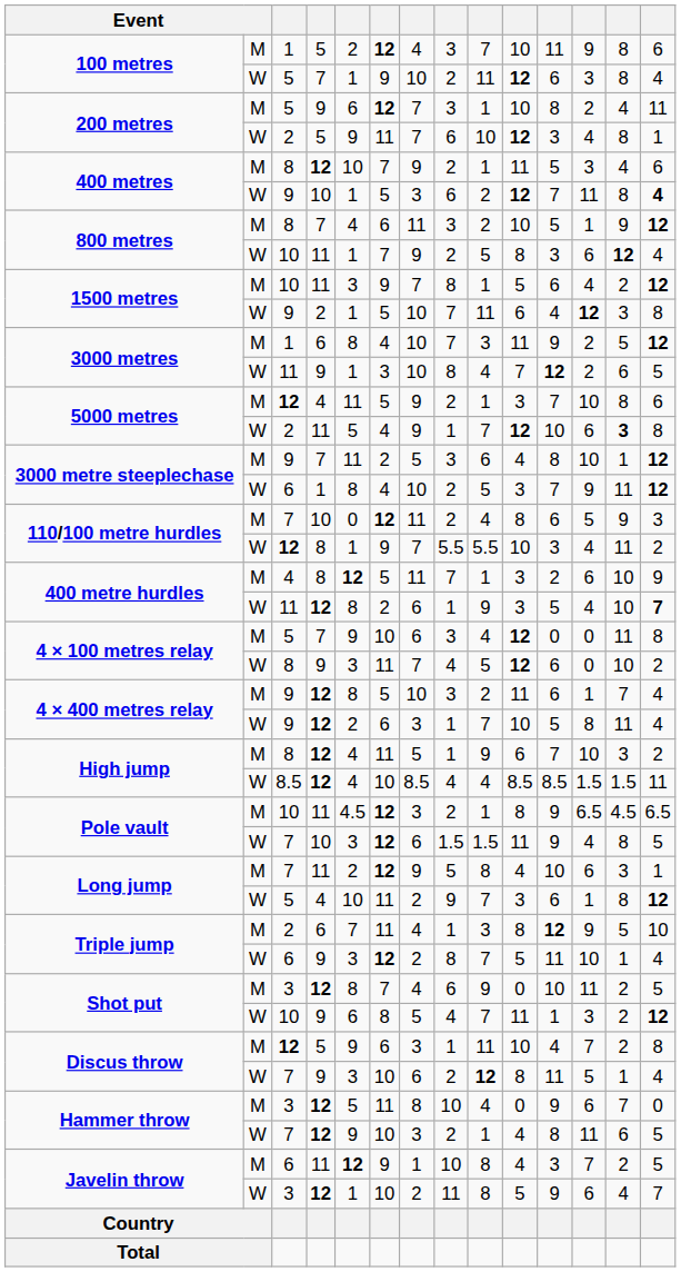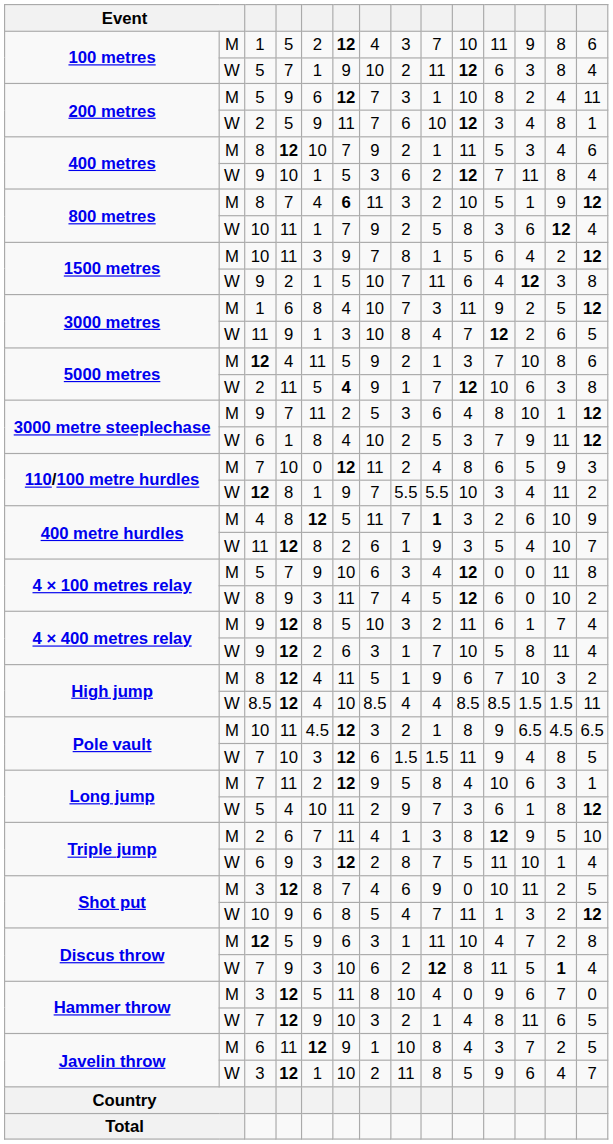 <table class="wikitable" style="background-color: #f9f9f9; font-size: 90%; text-align: center">
 <tr>
 <th width=200 colspan=2>Event</th>
 <th></th>
 <th></th>
 <th></th>
 <th></th>
 <th></th>
 <th></th>
 <th></th>
 <th></th>
 <th></th>
 <th></th>
 <th></th>
 <th></th>
 </tr>
 <tr>
 <td rowspan=2><strong><a href='#'>100 metres</a></strong></td>
 <td>M</td>
 <td>1</td>
 <td>5</td>
 <td>2</td>
 <td><strong>12</strong></td>
 <td>4</td>
 <td>3</td>
 <td>7</td>
 <td>10</td>
 <td>11</td>
 <td>9</td>
 <td>8</td>
 <td>6</td>
 </tr>
 <tr>
 <td>W</td>
 <td>5</td>
 <td>7</td>
 <td>1</td>
 <td>9</td>
 <td>10</td>
 <td>2</td>
 <td>11</td>
 <td><strong>12</strong></td>
 <td>6</td>
 <td>3</td>
 <td>8</td>
 <td>4</td>
 </tr>
 <tr>
 <td rowspan=2><strong><a href='#'>200 metres</a></strong></td>
 <td>M</td>
 <td>5</td>
 <td>9</td>
 <td>6</td>
 <td><strong>12</strong></td>
 <td>7</td>
 <td>3</td>
 <td>1</td>
 <td>10</td>
 <td>8</td>
 <td>2</td>
 <td>4</td>
 <td>11</td>
 </tr>
 <tr>
 <td>W</td>
 <td>2</td>
 <td>5</td>
 <td>9</td>
 <td>11</td>
 <td>7</td>
 <td>6</td>
 <td>10</td>
 <td><strong>12</strong></td>
 <td>3</td>
 <td>4</td>
 <td>8</td>
 <td>1</td>
 </tr>
 <tr>
 <td rowspan=2><strong><a href='#'>400 metres</a></strong></td>
 <td>M</td>
 <td>8</td>
 <td><strong>12</strong></td>
 <td>10</td>
 <td>7</td>
 <td>9</td>
 <td>2</td>
 <td>1</td>
 <td>11</td>
 <td>5</td>
 <td>3</td>
 <td>4</td>
 <td>6</td>
 </tr>
 <tr>
 <td>W</td>
 <td>9</td>
 <td>10</td>
 <td>1</td>
 <td>5</td>
 <td>3</td>
 <td>6</td>
 <td>2</td>
 <td><strong>12</strong></td>
 <td>7</td>
 <td>11</td>
 <td>8</td>
-<td><strong>4</strong></td>
+<td>4</td>
 </tr>
 <tr>
 <td rowspan=2><strong><a href='#'>800 metres</a></strong></td>
 <td>M</td>
 <td>8</td>
 <td>7</td>
 <td>4</td>
-<td>6</td>
+<td><strong>6</strong></td>
 <td>11</td>
 <td>3</td>
 <td>2</td>
 <td>10</td>
 <td>5</td>
 <td>1</td>
 <td>9</td>
 <td><strong>12</strong></td>
 </tr>
 <tr>
 <td>W</td>
 <td>10</td>
 <td>11</td>
 <td>1</td>
 <td>7</td>
 <td>9</td>
 <td>2</td>
 <td>5</td>
 <td>8</td>
 <td>3</td>
 <td>6</td>
 <td><strong>12</strong></td>
 <td>4</td>
 </tr>
 <tr>
 <td rowspan=2><strong><a href='#'>1500 metres</a></strong></td>
 <td>M</td>
 <td>10</td>
 <td>11</td>
 <td>3</td>
 <td>9</td>
 <td>7</td>
 <td>8</td>
 <td>1</td>
 <td>5</td>
 <td>6</td>
 <td>4</td>
 <td>2</td>
 <td><strong>12</strong></td>
 </tr>
 <tr>
 <td>W</td>
 <td>9</td>
 <td>2</td>
 <td>1</td>
 <td>5</td>
 <td>10</td>
 <td>7</td>
 <td>11</td>
 <td>6</td>
 <td>4</td>
 <td><strong>12</strong></td>
 <td>3</td>
 <td>8</td>
 </tr>
 <tr>
 <td rowspan=2><strong><a href='#'>3000 metres</a></strong></td>
 <td>M</td>
 <td>1</td>
 <td>6</td>
 <td>8</td>
 <td>4</td>
 <td>10</td>
 <td>7</td>
 <td>3</td>
 <td>11</td>
 <td>9</td>
 <td>2</td>
 <td>5</td>
 <td><strong>12</strong></td>
 </tr>
 <tr>
 <td>W</td>
 <td>11</td>
 <td>9</td>
 <td>1</td>
 <td>3</td>
 <td>10</td>
 <td>8</td>
 <td>4</td>
 <td>7</td>
 <td><strong>12</strong></td>
 <td>2</td>
 <td>6</td>
 <td>5</td>
 </tr>
 <tr>
 <td rowspan=2><strong><a href='#'>5000 metres</a></strong></td>
 <td>M</td>
 <td><strong>12</strong></td>
 <td>4</td>
 <td>11</td>
 <td>5</td>
 <td>9</td>
 <td>2</td>
 <td>1</td>
 <td>3</td>
 <td>7</td>
 <td>10</td>
 <td>8</td>
 <td>6</td>
 </tr>
 <tr>
 <td>W</td>
 <td>2</td>
 <td>11</td>
 <td>5</td>
-<td>4</td>
+<td><strong>4</strong></td>
 <td>9</td>
 <td>1</td>
 <td>7</td>
 <td><strong>12</strong></td>
 <td>10</td>
 <td>6</td>
-<td><strong>3</strong></td>
+<td>3</td>
 <td>8</td>
 </tr>
 <tr>
 <td rowspan=2><strong><a href='#'>3000 metre steeplechase</a></strong></td>
 <td>M</td>
 <td>9</td>
 <td>7</td>
 <td>11</td>
 <td>2</td>
 <td>5</td>
 <td>3</td>
 <td>6</td>
 <td>4</td>
 <td>8</td>
 <td>10</td>
 <td>1</td>
 <td><strong>12</strong></td>
 </tr>
 <tr>
 <td>W</td>
 <td>6</td>
 <td>1</td>
 <td>8</td>
 <td>4</td>
 <td>10</td>
 <td>2</td>
 <td>5</td>
 <td>3</td>
 <td>7</td>
 <td>9</td>
 <td>11</td>
 <td><strong>12</strong></td>
 </tr>
 <tr>
 <td rowspan=2><strong><a href='#'>110</a>/<a href='#'>100 metre hurdles</a></strong></td>
 <td>M</td>
 <td>7</td>
 <td>10</td>
 <td>0</td>
 <td><strong>12</strong></td>
 <td>11</td>
 <td>2</td>
 <td>4</td>
 <td>8</td>
 <td>6</td>
 <td>5</td>
 <td>9</td>
 <td>3</td>
 </tr>
 <tr>
 <td>W</td>
 <td><strong>12</strong></td>
 <td>8</td>
 <td>1</td>
 <td>9</td>
 <td>7</td>
 <td>5.5</td>
 <td>5.5</td>
 <td>10</td>
 <td>3</td>
 <td>4</td>
 <td>11</td>
 <td>2</td>
 </tr>
 <tr>
 <td rowspan=2><strong><a href='#'>400 metre hurdles</a></strong></td>
 <td>M</td>
 <td>4</td>
 <td>8</td>
 <td><strong>12</strong></td>
 <td>5</td>
 <td>11</td>
 <td>7</td>
-<td>1</td>
+<td><strong>1</strong></td>
 <td>3</td>
 <td>2</td>
 <td>6</td>
 <td>10</td>
 <td>9</td>
 </tr>
 <tr>
 <td>W</td>
 <td>11</td>
 <td><strong>12</strong></td>
 <td>8</td>
 <td>2</td>
 <td>6</td>
 <td>1</td>
 <td>9</td>
 <td>3</td>
 <td>5</td>
 <td>4</td>
 <td>10</td>
-<td><strong>7</strong></td>
+<td>7</td>
 </tr>
 <tr>
 <td rowspan=2><strong><a href='#'>4 × 100 metres relay</a></strong></td>
 <td>M</td>
 <td>5</td>
 <td>7</td>
 <td>9</td>
 <td>10</td>
 <td>6</td>
 <td>3</td>
 <td>4</td>
 <td><strong>12</strong></td>
 <td>0</td>
 <td>0</td>
 <td>11</td>
 <td>8</td>
 </tr>
 <tr>
 <td>W</td>
 <td>8</td>
 <td>9</td>
 <td>3</td>
 <td>11</td>
 <td>7</td>
 <td>4</td>
 <td>5</td>
 <td><strong>12</strong></td>
 <td>6</td>
 <td>0</td>
 <td>10</td>
 <td>2</td>
 </tr>
 <tr>
 <td rowspan=2><strong><a href='#'>4 × 400 metres relay</a></strong></td>
 <td>M</td>
 <td>9</td>
 <td><strong>12</strong></td>
 <td>8</td>
 <td>5</td>
 <td>10</td>
 <td>3</td>
 <td>2</td>
 <td>11</td>
 <td>6</td>
 <td>1</td>
 <td>7</td>
 <td>4</td>
 </tr>
 <tr>
 <td>W</td>
 <td>9</td>
 <td><strong>12</strong></td>
 <td>2</td>
 <td>6</td>
 <td>3</td>
 <td>1</td>
 <td>7</td>
 <td>10</td>
 <td>5</td>
 <td>8</td>
 <td>11</td>
 <td>4</td>
 </tr>
 <tr>
 <td rowspan=2><strong><a href='#'>High jump</a></strong></td>
 <td>M</td>
 <td>8</td>
 <td><strong>12</strong></td>
 <td>4</td>
 <td>11</td>
 <td>5</td>
 <td>1</td>
 <td>9</td>
 <td>6</td>
 <td>7</td>
 <td>10</td>
 <td>3</td>
 <td>2</td>
 </tr>
 <tr>
 <td>W</td>
 <td>8.5</td>
 <td><strong>12</strong></td>
 <td>4</td>
 <td>10</td>
 <td>8.5</td>
 <td>4</td>
 <td>4</td>
 <td>8.5</td>
 <td>8.5</td>
 <td>1.5</td>
 <td>1.5</td>
 <td>11</td>
 </tr>
 <tr>
 <td rowspan=2><strong><a href='#'>Pole vault</a></strong></td>
 <td>M</td>
 <td>10</td>
 <td>11</td>
 <td>4.5</td>
 <td><strong>12</strong></td>
 <td>3</td>
 <td>2</td>
 <td>1</td>
 <td>8</td>
 <td>9</td>
 <td>6.5</td>
 <td>4.5</td>
 <td>6.5</td>
 </tr>
 <tr>
 <td>W</td>
 <td>7</td>
 <td>10</td>
 <td>3</td>
 <td><strong>12</strong></td>
 <td>6</td>
 <td>1.5</td>
 <td>1.5</td>
 <td>11</td>
 <td>9</td>
 <td>4</td>
 <td>8</td>
 <td>5</td>
 </tr>
 <tr>
 <td rowspan=2><strong><a href='#'>Long jump</a></strong></td>
 <td>M</td>
 <td>7</td>
 <td>11</td>
 <td>2</td>
 <td><strong>12</strong></td>
 <td>9</td>
 <td>5</td>
 <td>8</td>
 <td>4</td>
 <td>10</td>
 <td>6</td>
 <td>3</td>
 <td>1</td>
 </tr>
 <tr>
 <td>W</td>
 <td>5</td>
 <td>4</td>
 <td>10</td>
 <td>11</td>
 <td>2</td>
 <td>9</td>
 <td>7</td>
 <td>3</td>
 <td>6</td>
 <td>1</td>
 <td>8</td>
 <td><strong>12</strong></td>
 </tr>
 <tr>
 <td rowspan=2><strong><a href='#'>Triple jump</a></strong></td>
 <td>M</td>
 <td>2</td>
 <td>6</td>
 <td>7</td>
 <td>11</td>
 <td>4</td>
 <td>1</td>
 <td>3</td>
 <td>8</td>
 <td><strong>12</strong></td>
 <td>9</td>
 <td>5</td>
 <td>10</td>
 </tr>
 <tr>
 <td>W</td>
 <td>6</td>
 <td>9</td>
 <td>3</td>
 <td><strong>12</strong></td>
 <td>2</td>
 <td>8</td>
 <td>7</td>
 <td>5</td>
 <td>11</td>
 <td>10</td>
 <td>1</td>
 <td>4</td>
 </tr>
 <tr>
 <td rowspan=2><strong><a href='#'>Shot put</a></strong></td>
 <td>M</td>
 <td>3</td>
 <td><strong>12</strong></td>
 <td>8</td>
 <td>7</td>
 <td>4</td>
 <td>6</td>
 <td>9</td>
 <td>0</td>
 <td>10</td>
 <td>11</td>
 <td>2</td>
 <td>5</td>
 </tr>
 <tr>
 <td>W</td>
 <td>10</td>
 <td>9</td>
 <td>6</td>
 <td>8</td>
 <td>5</td>
 <td>4</td>
 <td>7</td>
 <td>11</td>
 <td>1</td>
 <td>3</td>
 <td>2</td>
 <td><strong>12</strong></td>
 </tr>
 <tr>
 <td rowspan=2><strong><a href='#'>Discus throw</a></strong></td>
 <td>M</td>
 <td><strong>12</strong></td>
 <td>5</td>
 <td>9</td>
 <td>6</td>
 <td>3</td>
 <td>1</td>
 <td>11</td>
 <td>10</td>
 <td>4</td>
 <td>7</td>
 <td>2</td>
 <td>8</td>
 </tr>
 <tr>
 <td>W</td>
 <td>7</td>
 <td>9</td>
 <td>3</td>
 <td>10</td>
 <td>6</td>
 <td>2</td>
 <td><strong>12</strong></td>
 <td>8</td>
 <td>11</td>
 <td>5</td>
-<td>1</td>
+<td><strong>1</strong></td>
 <td>4</td>
 </tr>
 <tr>
 <td rowspan=2><strong><a href='#'>Hammer throw</a></strong></td>
 <td>M</td>
 <td>3</td>
 <td><strong>12</strong></td>
 <td>5</td>
 <td>11</td>
 <td>8</td>
 <td>10</td>
 <td>4</td>
 <td>0</td>
 <td>9</td>
 <td>6</td>
 <td>7</td>
 <td>0</td>
 </tr>
 <tr>
 <td>W</td>
 <td>7</td>
 <td><strong>12</strong></td>
 <td>9</td>
 <td>10</td>
 <td>3</td>
 <td>2</td>
 <td>1</td>
 <td>4</td>
 <td>8</td>
 <td>11</td>
 <td>6</td>
 <td>5</td>
 </tr>
 <tr>
 <td rowspan=2><strong><a href='#'>Javelin throw</a></strong></td>
 <td>M</td>
 <td>6</td>
 <td>11</td>
 <td><strong>12</strong></td>
 <td>9</td>
 <td>1</td>
 <td>10</td>
 <td>8</td>
 <td>4</td>
 <td>3</td>
 <td>7</td>
 <td>2</td>
 <td>5</td>
 </tr>
 <tr>
 <td>W</td>
 <td>3</td>
 <td><strong>12</strong></td>
 <td>1</td>
 <td>10</td>
 <td>2</td>
 <td>11</td>
 <td>8</td>
 <td>5</td>
 <td>9</td>
 <td>6</td>
 <td>4</td>
 <td>7</td>
 </tr>
 <tr>
 <th colspan=2>Country</th>
 <th></th>
 <th></th>
 <th></th>
 <th></th>
 <th></th>
 <th></th>
 <th></th>
 <th></th>
 <th></th>
 <th></th>
 <th></th>
 <th></th>
 </tr>
 <tr>
 <th colspan=2>Total</th>
 <td></td>
 <td></td>
 <td></td>
 <td></td>
 <td></td>
 <td></td>
 <td></td>
 <td></td>
 <td></td>
 <td></td>
 <td></td>
 <td></td>
 </tr>
 </table>
